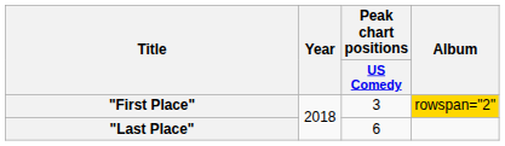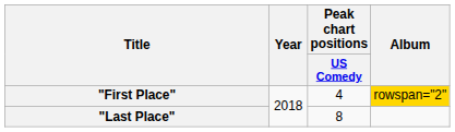 <table class="wikitable plainrowheaders" style="text-align:center;">
 <tr>
 <th rowspan="2" scope="col" style="width:20em;">Title</th>
 <th rowspan="2" scope="col" style="width:2.5em;">Year</th>
 <th scope="col">Peak chart positions</th>
 <th rowspan="2" scope="col">Album</th>
 </tr>
 <tr>
 <th scope="col" style="width:2.5em;font-size:90%;"><a href='#'>US<br>Comedy</a><br></th>
 </tr>
 <tr>
 <th scope="row">"First Place"</th>
 <td rowspan="2">2018</td>
-<td>3</td>
+<td>4</td>
 <td style="background: gold;">rowspan="2" </td>
 </tr>
 <tr>
 <th scope="row">"Last Place"<br></th>
-<td>6</td>
+<td>8</td>
 </tr>
 </table>
